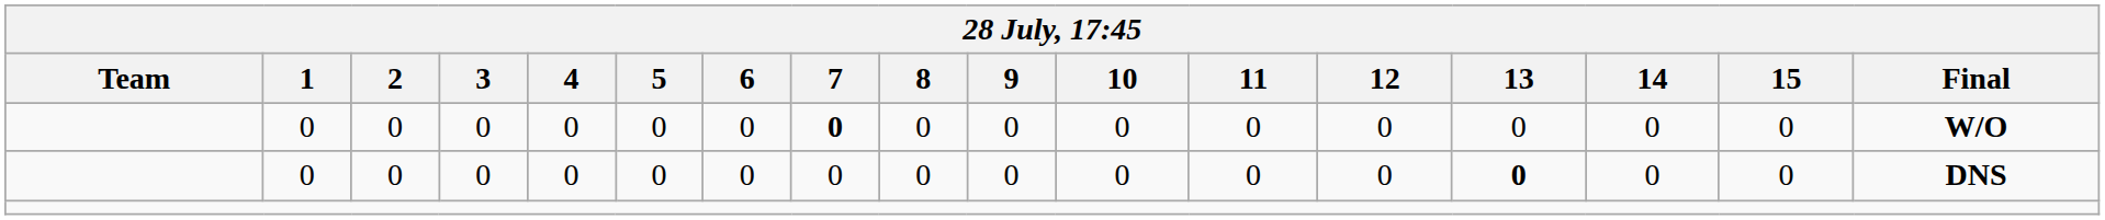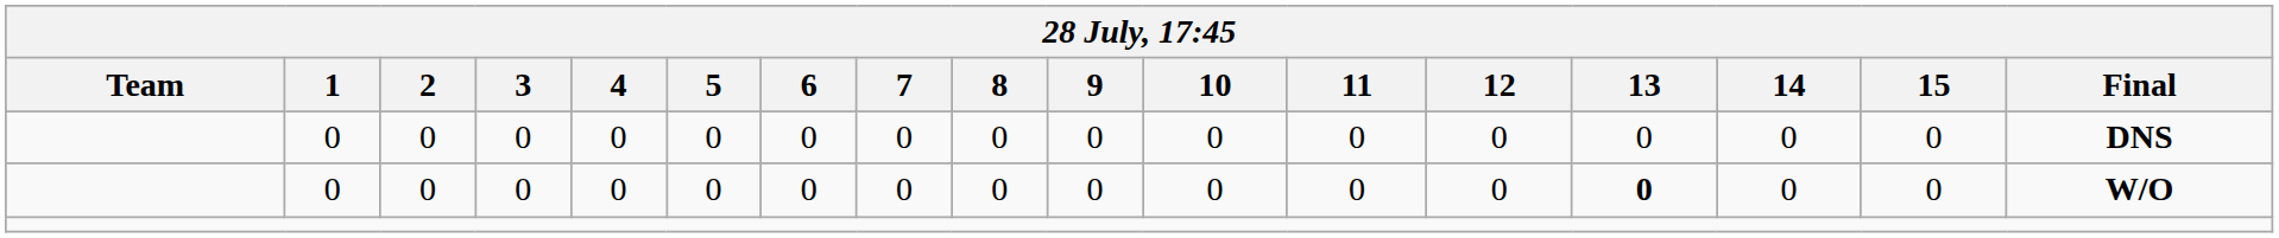 <table class=wikitable style="text-align:center; width: 55%">
 <tr>
 <th colspan=17><em>28 July, 17:45</em></th>
 </tr>
 <tr>
 <th>Team</th>
 <th>1</th>
 <th>2</th>
 <th>3</th>
 <th>4</th>
 <th>5</th>
 <th>6</th>
 <th>7</th>
 <th>8</th>
 <th>9</th>
 <th>10</th>
 <th>11</th>
 <th>12</th>
 <th>13</th>
 <th>14</th>
 <th>15</th>
 <th>Final</th>
 </tr>
 <tr>
 <td align=left><strong></strong></td>
 <td>0</td>
 <td>0</td>
 <td>0</td>
 <td>0</td>
 <td>0</td>
 <td>0</td>
-<td><strong>0</strong></td>
 <td>0</td>
 <td>0</td>
 <td>0</td>
 <td>0</td>
 <td>0</td>
 <td>0</td>
 <td>0</td>
 <td>0</td>
-<td><strong>W/O</strong></td>
+<td>0</td>
+<td><strong>DNS</strong></td>
 </tr>
 <tr>
 <td align=left></td>
 <td>0</td>
 <td>0</td>
 <td>0</td>
 <td>0</td>
 <td>0</td>
 <td>0</td>
 <td>0</td>
 <td>0</td>
 <td>0</td>
 <td>0</td>
 <td>0</td>
 <td>0</td>
 <td><strong>0</strong></td>
 <td>0</td>
 <td>0</td>
-<td><strong>DNS</strong></td>
+<td><strong>W/O</strong></td>
 </tr>
 <tr>
 <td colspan=17></td>
 </tr>
 </table>
